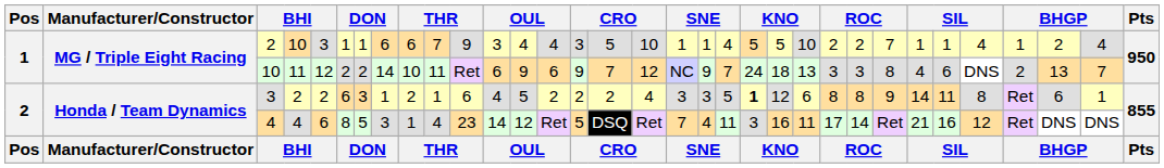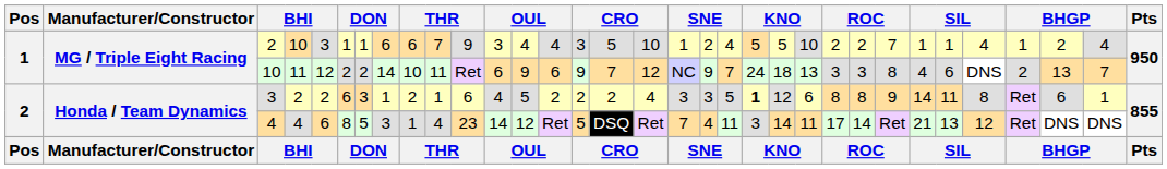 <table class="wikitable" style="font-size: 85%; text-align: center;">
 <tr valign="top">
 <th valign="middle">Pos</th>
 <th valign="middle">Manufacturer/Constructor</th>
 <th colspan="3"><a href='#'>BHI</a></th>
 <th colspan="3"><a href='#'>DON</a></th>
 <th colspan="3"><a href='#'>THR</a></th>
 <th colspan="3"><a href='#'>OUL</a></th>
 <th colspan="3"><a href='#'>CRO</a></th>
 <th colspan="3"><a href='#'>SNE</a></th>
 <th colspan="3"><a href='#'>KNO</a></th>
 <th colspan="3"><a href='#'>ROC</a></th>
 <th colspan="3"><a href='#'>SIL</a></th>
 <th colspan="3"><a href='#'>BHGP</a></th>
 <th valign=middle>Pts</th>
 </tr>
 <tr>
 <th rowspan=2>1</th>
 <th rowspan=2 align=left nowrap><a href='#'>MG</a> / <a href='#'>Triple Eight Racing</a></th>
 <td style="background:#ffffbf;">2</td>
 <td style="background:#ffdf9f;">10</td>
 <td style="background:#dfdfdf;">3</td>
 <td style="background:#ffffbf;">1</td>
 <td style="background:#ffffbf;">1</td>
 <td style="background:#ffdf9f;">6</td>
 <td style="background:#ffdf9f;">6</td>
 <td style="background:#ffdf9f;">7</td>
 <td style="background:#dfdfdf;">9</td>
 <td style="background:#ffffbf;">3</td>
 <td style="background:#ffffbf;">4</td>
 <td style="background:#dfdfdf;">4</td>
 <td style="background:#dfdfdf;">3</td>
 <td style="background:#dfdfdf;">5</td>
 <td style="background:#dfdfdf;">10</td>
 <td style="background:#ffffbf;">1</td>
-<td style="background:#ffffbf;">1</td>
+<td style="background:#ffffbf;">2</td>
 <td style="background:#ffffbf;">4</td>
 <td style="background:#ffdf9f;">5</td>
 <td style="background:#ffffbf;">5</td>
 <td style="background:#dfdfdf;">10</td>
 <td style="background:#ffffbf;">2</td>
 <td style="background:#ffffbf;">2</td>
 <td style="background:#ffffbf;">7</td>
 <td style="background:#ffffbf;">1</td>
 <td style="background:#ffffbf;">1</td>
 <td style="background:#ffffbf;">4</td>
 <td style="background:#ffffbf;">1</td>
 <td style="background:#ffffbf;">2</td>
 <td style="background:#dfdfdf;">4</td>
 <th rowspan=2>950</th>
 </tr>
 <tr>
 <td style="background:#dfffdf;">10</td>
 <td style="background:#dfffdf;">11</td>
 <td style="background:#dfffdf;">12</td>
 <td style="background:#dfdfdf;">2</td>
 <td style="background:#dfdfdf;">2</td>
 <td style="background:#dfffdf;">14</td>
 <td style="background:#dfffdf;">10</td>
 <td style="background:#dfffdf;">11</td>
 <td style="background:#efcfff;">Ret</td>
 <td style="background:#ffdf9f;">6</td>
 <td style="background:#ffdf9f;">9</td>
 <td style="background:#ffdf9f;">6</td>
 <td style="background:#dfffdf;">9</td>
 <td style="background:#ffdf9f;">7</td>
 <td style="background:#ffdf9f;">12</td>
 <td style="background:#cfcfff;">NC</td>
 <td style="background:#dfffdf;">9</td>
 <td style="background:#ffdf9f;">7</td>
 <td style="background:#dfffdf;">24</td>
 <td style="background:#dfffdf;">18</td>
 <td style="background:#dfffdf;">13</td>
 <td style="background:#dfdfdf;">3</td>
 <td style="background:#dfdfdf;">3</td>
 <td style="background:#dfdfdf;">8</td>
 <td style="background:#dfdfdf;">4</td>
 <td style="background:#dfdfdf;">6</td>
 <td style="background:#ffffff;">DNS</td>
 <td style="background:#dfdfdf;">2</td>
 <td style="background:#ffdf9f;">13</td>
 <td style="background:#ffdf9f;">7</td>
 </tr>
 <tr>
 <th rowspan=2>2</th>
 <th rowspan=2 align=left nowrap><a href='#'>Honda</a> / <a href='#'>Team Dynamics</a></th>
 <td style="background:#dfdfdf;">3</td>
 <td style="background:#ffffbf;">2</td>
 <td style="background:#ffffbf;">2</td>
 <td style="background:#ffdf9f;">6</td>
 <td style="background:#ffdf9f;">3</td>
 <td style="background:#ffffbf;">1</td>
 <td style="background:#ffffbf;">2</td>
 <td style="background:#ffffbf;">1</td>
 <td style="background:#ffffbf;">6</td>
 <td style="background:#dfdfdf;">4</td>
 <td style="background:#dfdfdf;">5</td>
 <td style="background:#ffffbf;">2</td>
 <td style="background:#ffffbf;">2</td>
 <td style="background:#ffffbf;">2</td>
 <td style="background:#ffffbf;">4</td>
 <td style="background:#dfdfdf;">3</td>
 <td style="background:#dfdfdf;">3</td>
 <td style="background:#dfdfdf;">5</td>
 <td style="background:#ffffbf;"><strong>1</strong></td>
 <td style="background:#dfdfdf;">12</td>
 <td style="background:#ffffbf;">6</td>
 <td style="background:#ffdf9f;">8</td>
 <td style="background:#ffdf9f;">8</td>
 <td style="background:#ffdf9f;">9</td>
 <td style="background:#ffdf9f;">14</td>
 <td style="background:#ffdf9f;">11</td>
 <td style="background:#dfdfdf;">8</td>
 <td style="background:#efcfff;">Ret</td>
 <td style="background:#dfdfdf;">6</td>
 <td style="background:#ffffbf;">1</td>
 <th rowspan=2>855</th>
 </tr>
 <tr>
 <td style="background:#ffdf9f;">4</td>
 <td style="background:#dfdfdf;">4</td>
 <td style="background:#ffdf9f;">6</td>
 <td style="background:#dfffdf;">8</td>
 <td style="background:#dfffdf;">5</td>
 <td style="background:#dfdfdf;">3</td>
 <td style="background:#dfdfdf;">1</td>
 <td style="background:#dfdfdf;">4</td>
 <td style="background:#ffdf9f;">23</td>
 <td style="background:#dfffdf;">14</td>
 <td style="background:#dfffdf;">12</td>
 <td style="background:#efcfff;">Ret</td>
 <td style="background:#ffdf9f;">5</td>
 <td style="background:#000000; color:white;">DSQ</td>
 <td style="background:#efcfff;">Ret</td>
 <td style="background:#ffdf9f;">7</td>
 <td style="background:#ffdf9f;">4</td>
 <td style="background:#dfffdf;">11</td>
 <td style="background:#dfdfdf;">3</td>
-<td style="background:#ffdf9f;">16</td>
+<td style="background:#ffdf9f;">14</td>
 <td style="background:#ffdf9f;">11</td>
 <td style="background:#dfffdf;">17</td>
 <td style="background:#dfffdf;">14</td>
 <td style="background:#efcfff;">Ret</td>
 <td style="background:#dfffdf;">21</td>
-<td style="background:#dfffdf;">16</td>
+<td style="background:#dfffdf;">13</td>
 <td style="background:#ffdf9f;">12</td>
 <td style="background:#efcfff;">Ret</td>
 <td style="background:#ffffff;">DNS</td>
 <td style="background:#ffffff;">DNS</td>
 </tr>
 <tr valign="top">
 <th valign="middle">Pos</th>
 <th valign="middle">Manufacturer/Constructor</th>
 <th colspan="3"><a href='#'>BHI</a></th>
 <th colspan="3"><a href='#'>DON</a></th>
 <th colspan="3"><a href='#'>THR</a></th>
 <th colspan="3"><a href='#'>OUL</a></th>
 <th colspan="3"><a href='#'>CRO</a></th>
 <th colspan="3"><a href='#'>SNE</a></th>
 <th colspan="3"><a href='#'>KNO</a></th>
 <th colspan="3"><a href='#'>ROC</a></th>
 <th colspan="3"><a href='#'>SIL</a></th>
 <th colspan="3"><a href='#'>BHGP</a></th>
 <th valign=middle>Pts</th>
 </tr>
 </table>
